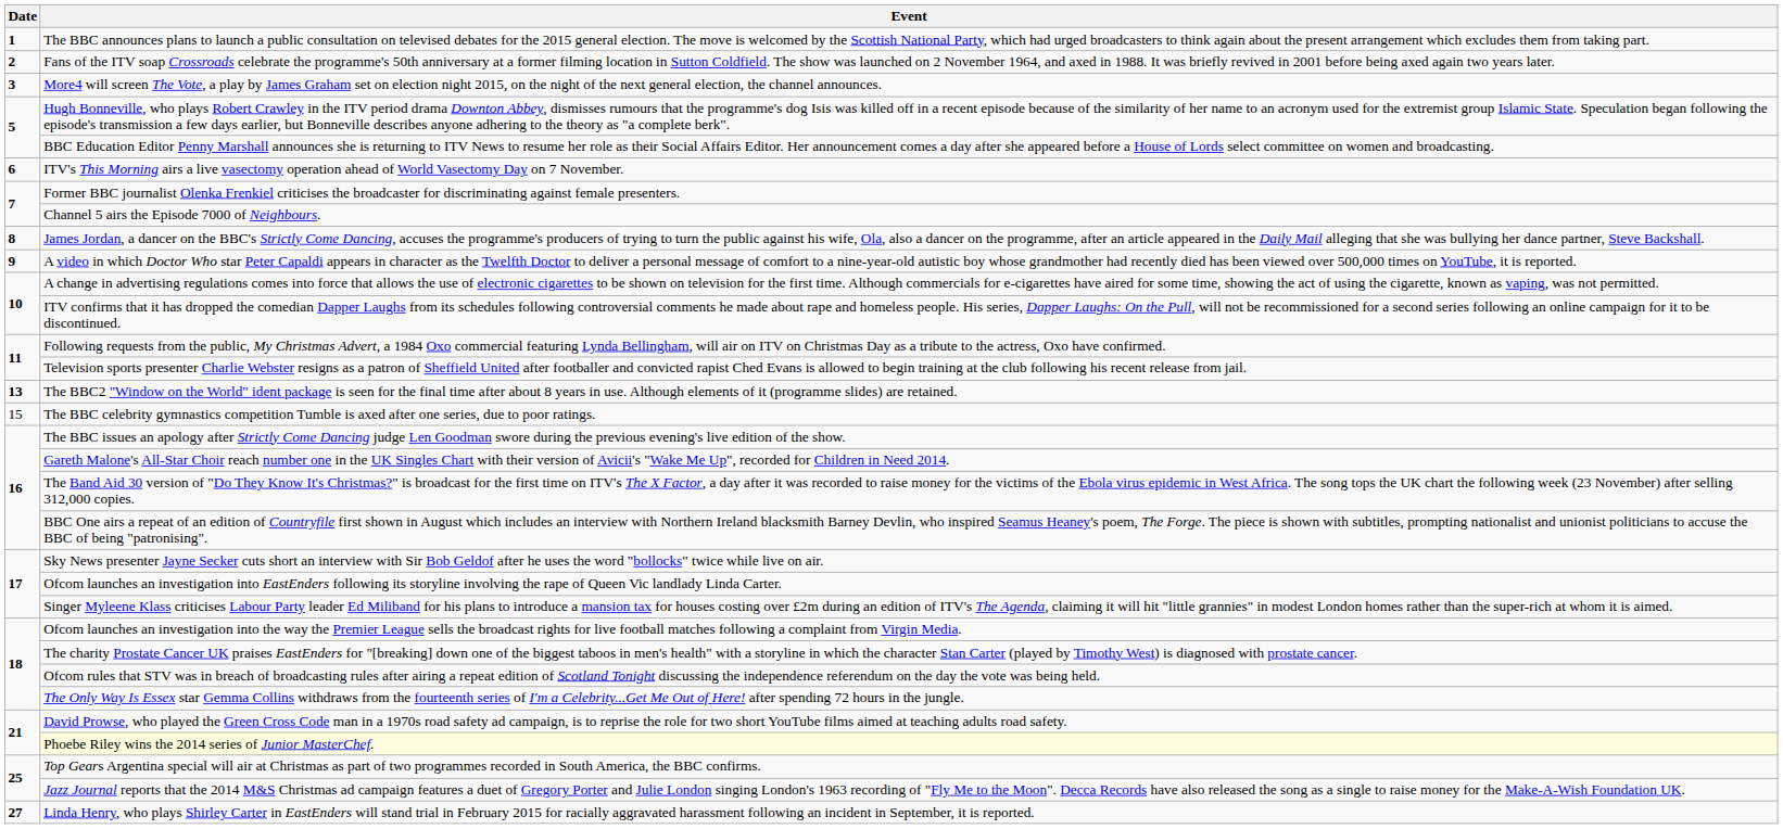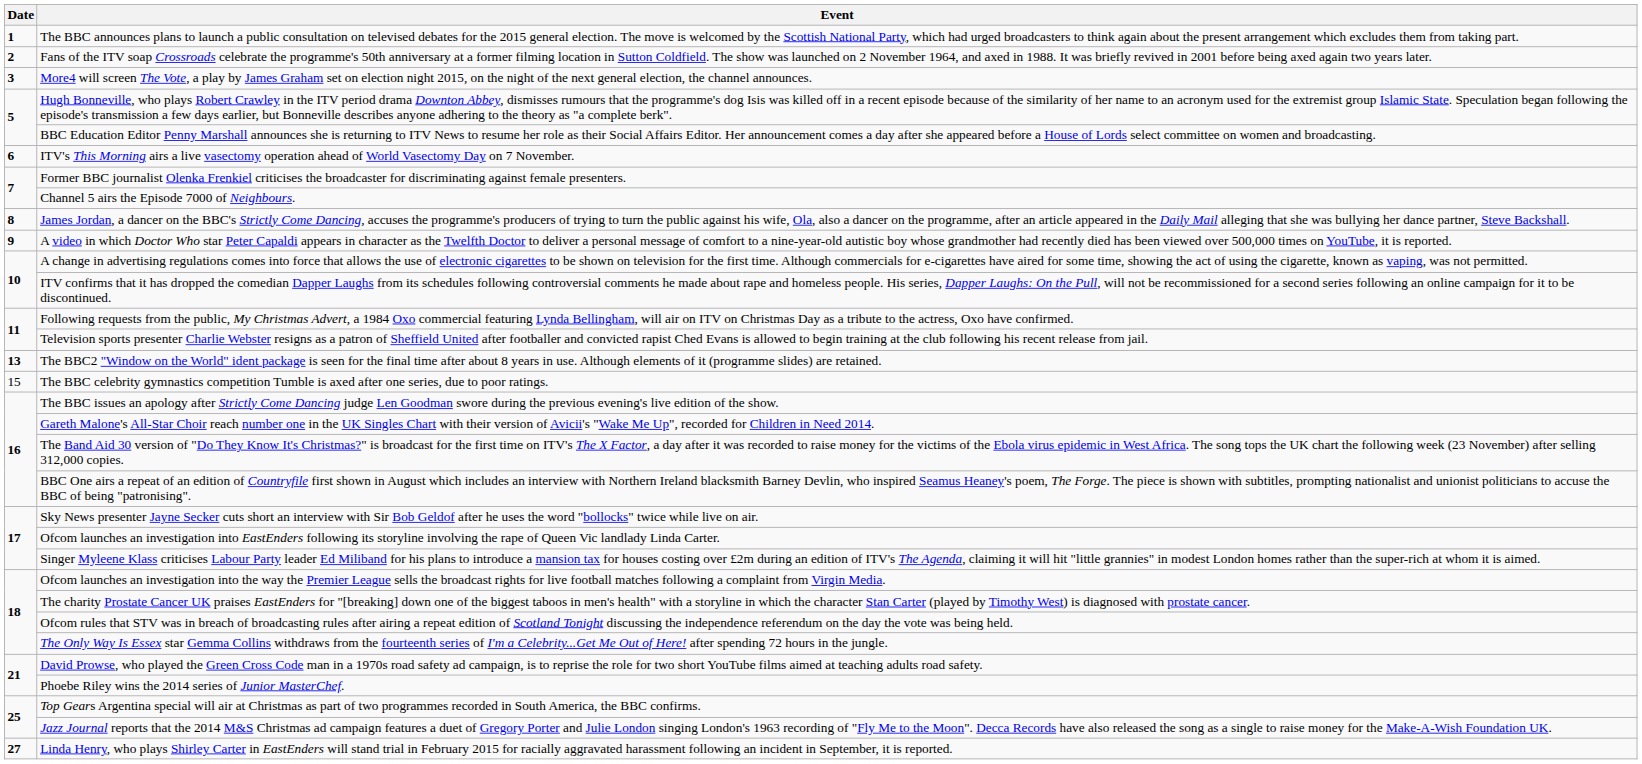 <table class="wikitable">
 <tr>
 <th>Date</th>
 <th>Event</th>
 </tr>
 <tr>
 <td><strong>1</strong></td>
 <td>The BBC announces plans to launch a public consultation on televised debates for the 2015 general election. The move is welcomed by the <a href='#'>Scottish National Party</a>, which had urged broadcasters to think again about the present arrangement which excludes them from taking part.</td>
 </tr>
 <tr>
 <td><strong>2</strong></td>
 <td>Fans of the ITV soap <em><a href='#'>Crossroads</a></em> celebrate the programme's 50th anniversary at a former filming location in <a href='#'>Sutton Coldfield</a>. The show was launched on 2 November 1964, and axed in 1988. It was briefly revived in 2001 before being axed again two years later.</td>
 </tr>
 <tr>
 <td><strong>3</strong></td>
 <td><a href='#'>More4</a> will screen <em><a href='#'>The Vote</a></em>, a play by <a href='#'>James Graham</a> set on election night 2015, on the night of the next general election, the channel announces.</td>
 </tr>
 <tr>
 <td rowspan=2><strong>5</strong></td>
 <td><a href='#'>Hugh Bonneville</a>, who plays <a href='#'>Robert Crawley</a> in the ITV period drama <em><a href='#'>Downton Abbey</a></em>, dismisses rumours that the programme's dog Isis was killed off in a recent episode because of the similarity of her name to an acronym used for the extremist group <a href='#'>Islamic State</a>. Speculation began following the episode's transmission a few days earlier, but Bonneville describes anyone adhering to the theory as "a complete berk".</td>
 </tr>
 <tr>
 <td>BBC Education Editor <a href='#'>Penny Marshall</a> announces she is returning to ITV News to resume her role as their Social Affairs Editor. Her announcement comes a day after she appeared before a <a href='#'>House of Lords</a> select committee on women and broadcasting.</td>
 </tr>
 <tr>
 <td><strong>6</strong></td>
 <td>ITV's <em><a href='#'>This Morning</a></em> airs a live <a href='#'>vasectomy</a> operation ahead of <a href='#'>World Vasectomy Day</a> on 7 November.</td>
 </tr>
 <tr>
 <td rowspan=2><strong>7</strong></td>
 <td>Former BBC journalist <a href='#'>Olenka Frenkiel</a> criticises the broadcaster for discriminating against female presenters.</td>
 </tr>
 <tr>
 <td>Channel 5 airs the Episode 7000 of <em><a href='#'>Neighbours</a></em>.</td>
 </tr>
 <tr>
 <td><strong>8</strong></td>
 <td><a href='#'>James Jordan</a>, a dancer on the BBC's <em><a href='#'>Strictly Come Dancing</a></em>, accuses the programme's producers of trying to turn the public against his wife, <a href='#'>Ola</a>, also a dancer on the programme, after an article appeared in the <em><a href='#'>Daily Mail</a></em> alleging that she was bullying her dance partner, <a href='#'>Steve Backshall</a>.</td>
 </tr>
 <tr>
 <td><strong>9</strong></td>
 <td>A <a href='#'>video</a> in which <em>Doctor Who</em> star <a href='#'>Peter Capaldi</a> appears in character as the <a href='#'>Twelfth Doctor</a> to deliver a personal message of comfort to a nine-year-old autistic boy whose grandmother had recently died has been viewed over 500,000 times on <a href='#'>YouTube</a>, it is reported.</td>
 </tr>
 <tr>
 <td rowspan=2><strong>10</strong></td>
 <td>A change in advertising regulations comes into force that allows the use of <a href='#'>electronic cigarettes</a> to be shown on television for the first time. Although commercials for e-cigarettes have aired for some time, showing the act of using the cigarette, known as <a href='#'>vaping</a>, was not permitted.</td>
 </tr>
 <tr>
 <td>ITV confirms that it has dropped the comedian <a href='#'>Dapper Laughs</a> from its schedules following controversial comments he made about rape and homeless people. His series, <em><a href='#'>Dapper Laughs: On the Pull</a></em>, will not be recommissioned for a second series following an online campaign for it to be discontinued.</td>
 </tr>
 <tr>
 <td rowspan=2><strong>11</strong></td>
 <td>Following requests from the public, <em>My Christmas Advert</em>, a 1984 <a href='#'>Oxo</a> commercial featuring <a href='#'>Lynda Bellingham</a>, will air on ITV on Christmas Day as a tribute to the actress, Oxo have confirmed.</td>
 </tr>
 <tr>
 <td>Television sports presenter <a href='#'>Charlie Webster</a> resigns as a patron of <a href='#'>Sheffield United</a> after footballer and convicted rapist Ched Evans is allowed to begin training at the club following his recent release from jail.</td>
 </tr>
 <tr>
 <td><strong>13</strong></td>
 <td>The BBC2 <a href='#'>"Window on the World" ident package</a> is seen for the final time after about 8 years in use. Although elements of it (programme slides) are retained.</td>
 </tr>
 <tr>
 <td>15</td>
 <td>The BBC celebrity gymnastics competition Tumble is axed after one series, due to poor ratings.</td>
 </tr>
 <tr>
 <td rowspan=4><strong>16</strong></td>
 <td>The BBC issues an apology after <em><a href='#'>Strictly Come Dancing</a></em> judge <a href='#'>Len Goodman</a> swore during the previous evening's live edition of the show.</td>
 </tr>
 <tr>
 <td><a href='#'>Gareth Malone</a>'s <a href='#'>All-Star Choir</a> reach <a href='#'>number one</a> in the <a href='#'>UK Singles Chart</a> with their version of <a href='#'>Avicii</a>'s "<a href='#'>Wake Me Up</a>", recorded for <a href='#'>Children in Need 2014</a>.</td>
 </tr>
 <tr>
 <td>The <a href='#'>Band Aid 30</a> version of "<a href='#'>Do They Know It's Christmas?</a>" is broadcast for the first time on ITV's <em><a href='#'>The X Factor</a></em>, a day after it was recorded to raise money for the victims of the <a href='#'>Ebola virus epidemic in West Africa</a>. The song tops the UK chart the following week (23 November) after selling 312,000 copies.</td>
 </tr>
 <tr>
 <td>BBC One airs a repeat of an edition of <em><a href='#'>Countryfile</a></em> first shown in August which includes an interview with Northern Ireland blacksmith Barney Devlin, who inspired <a href='#'>Seamus Heaney</a>'s poem, <em>The Forge</em>. The piece is shown with subtitles, prompting nationalist and unionist politicians to accuse the BBC of being "patronising".</td>
 </tr>
 <tr>
 <td rowspan=3><strong>17</strong></td>
 <td>Sky News presenter <a href='#'>Jayne Secker</a> cuts short an interview with Sir <a href='#'>Bob Geldof</a> after he uses the word "<a href='#'>bollocks</a>" twice while live on air.</td>
 </tr>
 <tr>
 <td>Ofcom launches an investigation into <em>EastEnders</em> following its storyline involving the rape of Queen Vic landlady Linda Carter.</td>
 </tr>
 <tr>
 <td>Singer <a href='#'>Myleene Klass</a> criticises <a href='#'>Labour Party</a> leader <a href='#'>Ed Miliband</a> for his plans to introduce a <a href='#'>mansion tax</a> for houses costing over £2m during an edition of ITV's <em><a href='#'>The Agenda</a></em>, claiming it will hit "little grannies" in modest London homes rather than the super-rich at whom it is aimed.</td>
 </tr>
 <tr>
 <td rowspan=4><strong>18</strong></td>
 <td>Ofcom launches an investigation into the way the <a href='#'>Premier League</a> sells the broadcast rights for live football matches following a complaint from <a href='#'>Virgin Media</a>.</td>
 </tr>
 <tr>
 <td>The charity <a href='#'>Prostate Cancer UK</a> praises <em>EastEnders</em> for "[breaking] down one of the biggest taboos in men's health" with a storyline in which the character <a href='#'>Stan Carter</a> (played by <a href='#'>Timothy West</a>) is diagnosed with <a href='#'>prostate cancer</a>.</td>
 </tr>
 <tr>
 <td>Ofcom rules that STV was in breach of broadcasting rules after airing a repeat edition of <em><a href='#'>Scotland Tonight</a></em> discussing the independence referendum on the day the vote was being held.</td>
 </tr>
 <tr>
 <td><em><a href='#'>The Only Way Is Essex</a></em> star <a href='#'>Gemma Collins</a> withdraws from the <a href='#'>fourteenth series</a> of <em><a href='#'>I'm a Celebrity...Get Me Out of Here!</a></em> after spending 72 hours in the jungle.</td>
 </tr>
 <tr>
 <td rowspan=2><strong>21</strong></td>
 <td><a href='#'>David Prowse</a>, who played the <a href='#'>Green Cross Code</a> man in a 1970s road safety ad campaign, is to reprise the role for two short YouTube films aimed at teaching adults road safety.</td>
 </tr>
 <tr>
-<td style="background: lightyellow;">Phoebe Riley wins the 2014 series of <em><a href='#'>Junior MasterChef</a></em>.</td>
+<td>Phoebe Riley wins the 2014 series of <em><a href='#'>Junior MasterChef</a></em>.</td>
 </tr>
 <tr>
 <td rowspan=2><strong>25</strong></td>
 <td><em>Top Gear</em>s Argentina special will air at Christmas as part of two programmes recorded in South America, the BBC confirms.</td>
 </tr>
 <tr>
 <td><em><a href='#'>Jazz Journal</a></em> reports that the 2014 <a href='#'>M&S</a> Christmas ad campaign features a duet of <a href='#'>Gregory Porter</a> and <a href='#'>Julie London</a> singing London's 1963 recording of "<a href='#'>Fly Me to the Moon</a>". <a href='#'>Decca Records</a> have also released the song as a single to raise money for the <a href='#'>Make-A-Wish Foundation UK</a>.</td>
 </tr>
 <tr>
 <td><strong>27</strong></td>
 <td><a href='#'>Linda Henry</a>, who plays <a href='#'>Shirley Carter</a> in <em>EastEnders</em> will stand trial in February 2015 for racially aggravated harassment following an incident in September, it is reported.</td>
 </tr>
 </table>
